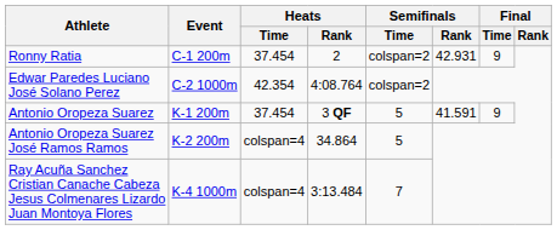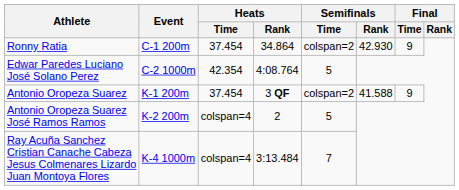 <table class=wikitable style="font-size:90%;">
 <tr>
 <th rowspan="2">Athlete</th>
 <th rowspan="2">Event</th>
 <th colspan=2>Heats</th>
 <th colspan=2>Semifinals</th>
 <th colspan=2>Final</th>
 </tr>
 <tr style="font-size:95%">
 <th>Time</th>
 <th>Rank</th>
 <th>Time</th>
 <th>Rank</th>
 <th>Time</th>
 <th>Rank</th>
 </tr>
 <tr align=center>
 <td align=left><a href='#'>Ronny Ratia</a></td>
 <td align=left><a href='#'>C-1 200m</a></td>
 <td>37.454</td>
-<td>2</td>
+<td>34.864</td>
 <td>colspan=2 </td>
-<td>42.931</td>
+<td>42.930</td>
 <td>9</td>
 </tr>
 <tr align=center>
 <td align=left><a href='#'>Edwar Paredes Luciano</a><br><a href='#'>José Solano Perez</a></td>
 <td align=left><a href='#'>C-2 1000m</a></td>
 <td>42.354</td>
 <td>4:08.764</td>
-<td>colspan=2 </td>
+<td>5</td>
 </tr>
 <tr align=center>
 <td align=left><a href='#'>Antonio Oropeza Suarez</a></td>
 <td align=left><a href='#'>K-1 200m</a></td>
 <td>37.454</td>
 <td>3 <strong>QF</strong></td>
-<td>5</td>
-<td>41.591</td>
+<td>colspan=2 </td>
+<td>41.588</td>
 <td>9</td>
 </tr>
 <tr align=center>
 <td align=left><a href='#'>Antonio Oropeza Suarez</a><br><a href='#'>José Ramos Ramos</a></td>
 <td align=left><a href='#'>K-2 200m</a></td>
 <td>colspan=4 </td>
-<td>34.864</td>
+<td>2</td>
 <td>5</td>
 </tr>
 <tr align=center>
 <td align=left><a href='#'>Ray Acuña Sanchez</a><br><a href='#'>Cristian Canache Cabeza</a><br><a href='#'>Jesus Colmenares Lizardo</a><br><a href='#'>Juan Montoya Flores</a></td>
 <td align=left><a href='#'>K-4 1000m</a></td>
 <td>colspan=4 </td>
 <td>3:13.484</td>
 <td>7</td>
 </tr>
 </table>
